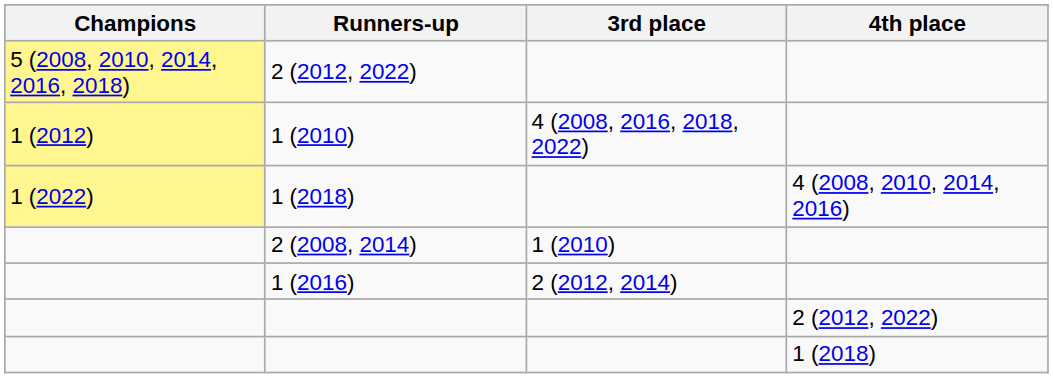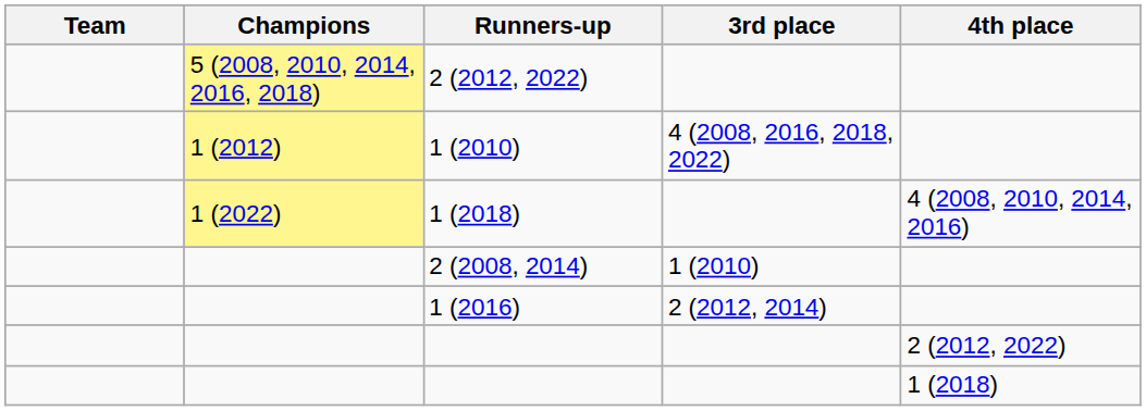 <table class="wikitable" style="font-size: 82%;">
 <tr>
+<th style="width:15%">Team</th>
 <th style="width:20%">Champions</th>
 <th style="width:20%">Runners-up</th>
 <th style="width:20%">3rd place</th>
 <th style="width:20%">4th place</th>
 </tr>
 <tr>
+<td></td>
 <td style=background:#FFF68F>5 (<a href='#'>2008</a>, <a href='#'>2010</a>, <a href='#'>2014</a>, <a href='#'>2016</a>, <a href='#'>2018</a>)</td>
 <td>2 (<a href='#'>2012</a>, <a href='#'>2022</a>)</td>
 <td></td>
 <td></td>
 </tr>
 <tr>
+<td></td>
 <td style=background:#FFF68F>1 (<a href='#'>2012</a>)</td>
 <td>1 (<a href='#'>2010</a>)</td>
 <td>4 (<a href='#'>2008</a>, <a href='#'>2016</a>, <a href='#'>2018</a>, <a href='#'>2022</a>)</td>
 <td></td>
 </tr>
 <tr>
+<td></td>
 <td style=background:#FFF68F>1 (<a href='#'>2022</a>)</td>
 <td>1 (<a href='#'>2018</a>)</td>
 <td></td>
 <td>4 (<a href='#'>2008</a>, <a href='#'>2010</a>, <a href='#'>2014</a>, <a href='#'>2016</a>)</td>
 </tr>
 <tr>
 <td></td>
+<td></td>
 <td>2 (<a href='#'>2008</a>, <a href='#'>2014</a>)</td>
 <td>1 (<a href='#'>2010</a>)</td>
 <td></td>
 </tr>
 <tr>
+<td></td>
 <td></td>
 <td>1 (<a href='#'>2016</a>)</td>
 <td>2 (<a href='#'>2012</a>, <a href='#'>2014</a>)</td>
 <td></td>
 </tr>
 <tr>
 <td></td>
 <td></td>
 <td></td>
+<td></td>
 <td>2 (<a href='#'>2012</a>, <a href='#'>2022</a>)</td>
 </tr>
 <tr>
 <td></td>
 <td></td>
 <td></td>
+<td></td>
 <td>1 (<a href='#'>2018</a>)</td>
 </tr>
 </table>
